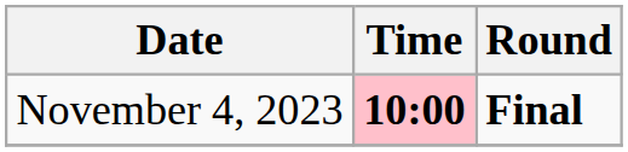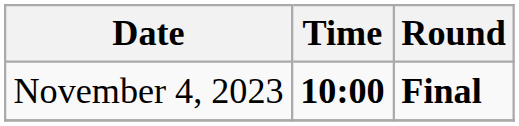 <table class="wikitable">
 <tr>
 <th>Date</th>
 <th>Time</th>
 <th>Round</th>
 </tr>
 <tr>
 <td>November 4, 2023</td>
-<td style="background: pink;"><strong>10:00</strong></td>
+<td><strong>10:00</strong></td>
 <td><strong>Final</strong></td>
 </tr>
 <tr>
 </tr>
 </table>
